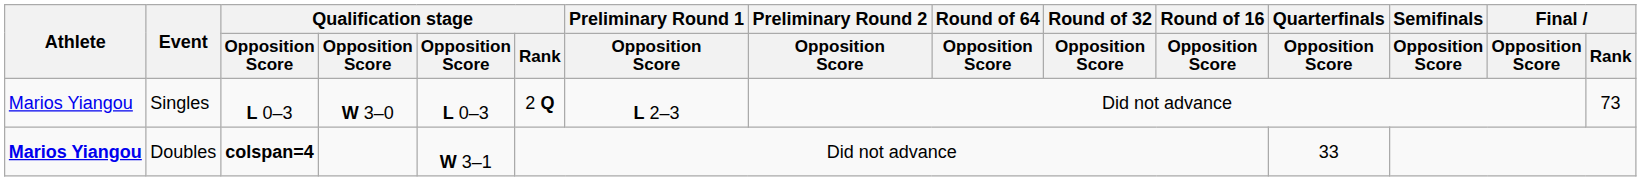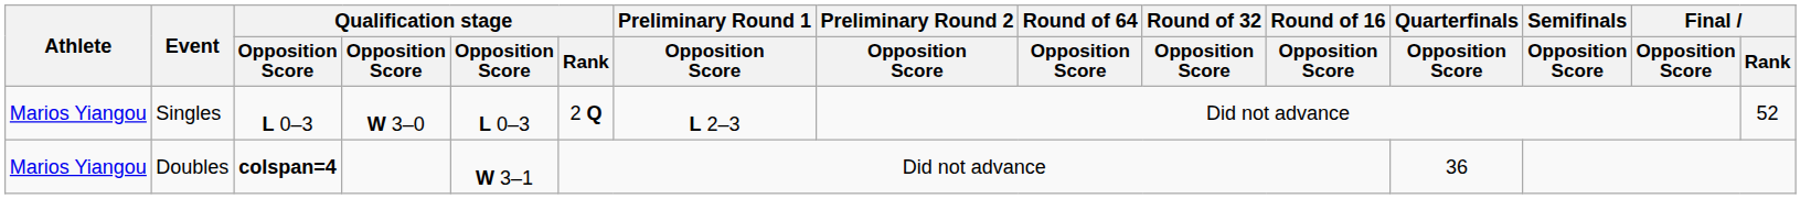 <table class=wikitable style=font-size:90%;text-align:center>
 <tr>
 <th rowspan=2>Athlete</th>
 <th rowspan=2>Event</th>
 <th colspan=4>Qualification stage</th>
 <th>Preliminary Round 1</th>
 <th>Preliminary Round 2</th>
 <th>Round of 64</th>
 <th>Round of 32</th>
 <th>Round of 16</th>
 <th>Quarterfinals</th>
 <th>Semifinals</th>
 <th colspan=2>Final / </th>
 </tr>
 <tr style=font-size:95%>
 <th>Opposition<br>Score</th>
 <th>Opposition<br>Score</th>
 <th>Opposition<br>Score</th>
 <th>Rank</th>
 <th>Opposition<br>Score</th>
 <th>Opposition<br>Score</th>
 <th>Opposition<br>Score</th>
 <th>Opposition<br>Score</th>
 <th>Opposition<br>Score</th>
 <th>Opposition<br>Score</th>
 <th>Opposition<br>Score</th>
 <th>Opposition<br>Score</th>
 <th>Rank</th>
 </tr>
 <tr>
 <td align=left><a href='#'>Marios Yiangou</a></td>
 <td align=left>Singles</td>
 <td><br><strong>L</strong> 0–3</td>
 <td><br><strong>W</strong> 3–0</td>
 <td><br><strong>L</strong> 0–3</td>
 <td>2 <strong>Q</strong></td>
 <td><br><strong>L</strong> 2–3</td>
 <td colspan=7>Did not advance</td>
-<td>73</td>
+<td>52</td>
 </tr>
 <tr>
-<td align=left><strong><a href='#'>Marios Yiangou</a><br></strong></td>
+<td align=left><a href='#'>Marios Yiangou</a><br></td>
 <td>Doubles</td>
 <td><strong>colspan=4</strong></td>
 <td></td>
 <td><br><strong>W</strong> 3–1</td>
 <td colspan=6>Did not advance</td>
-<td>33</td>
+<td>36</td>
 </tr>
 </table>
